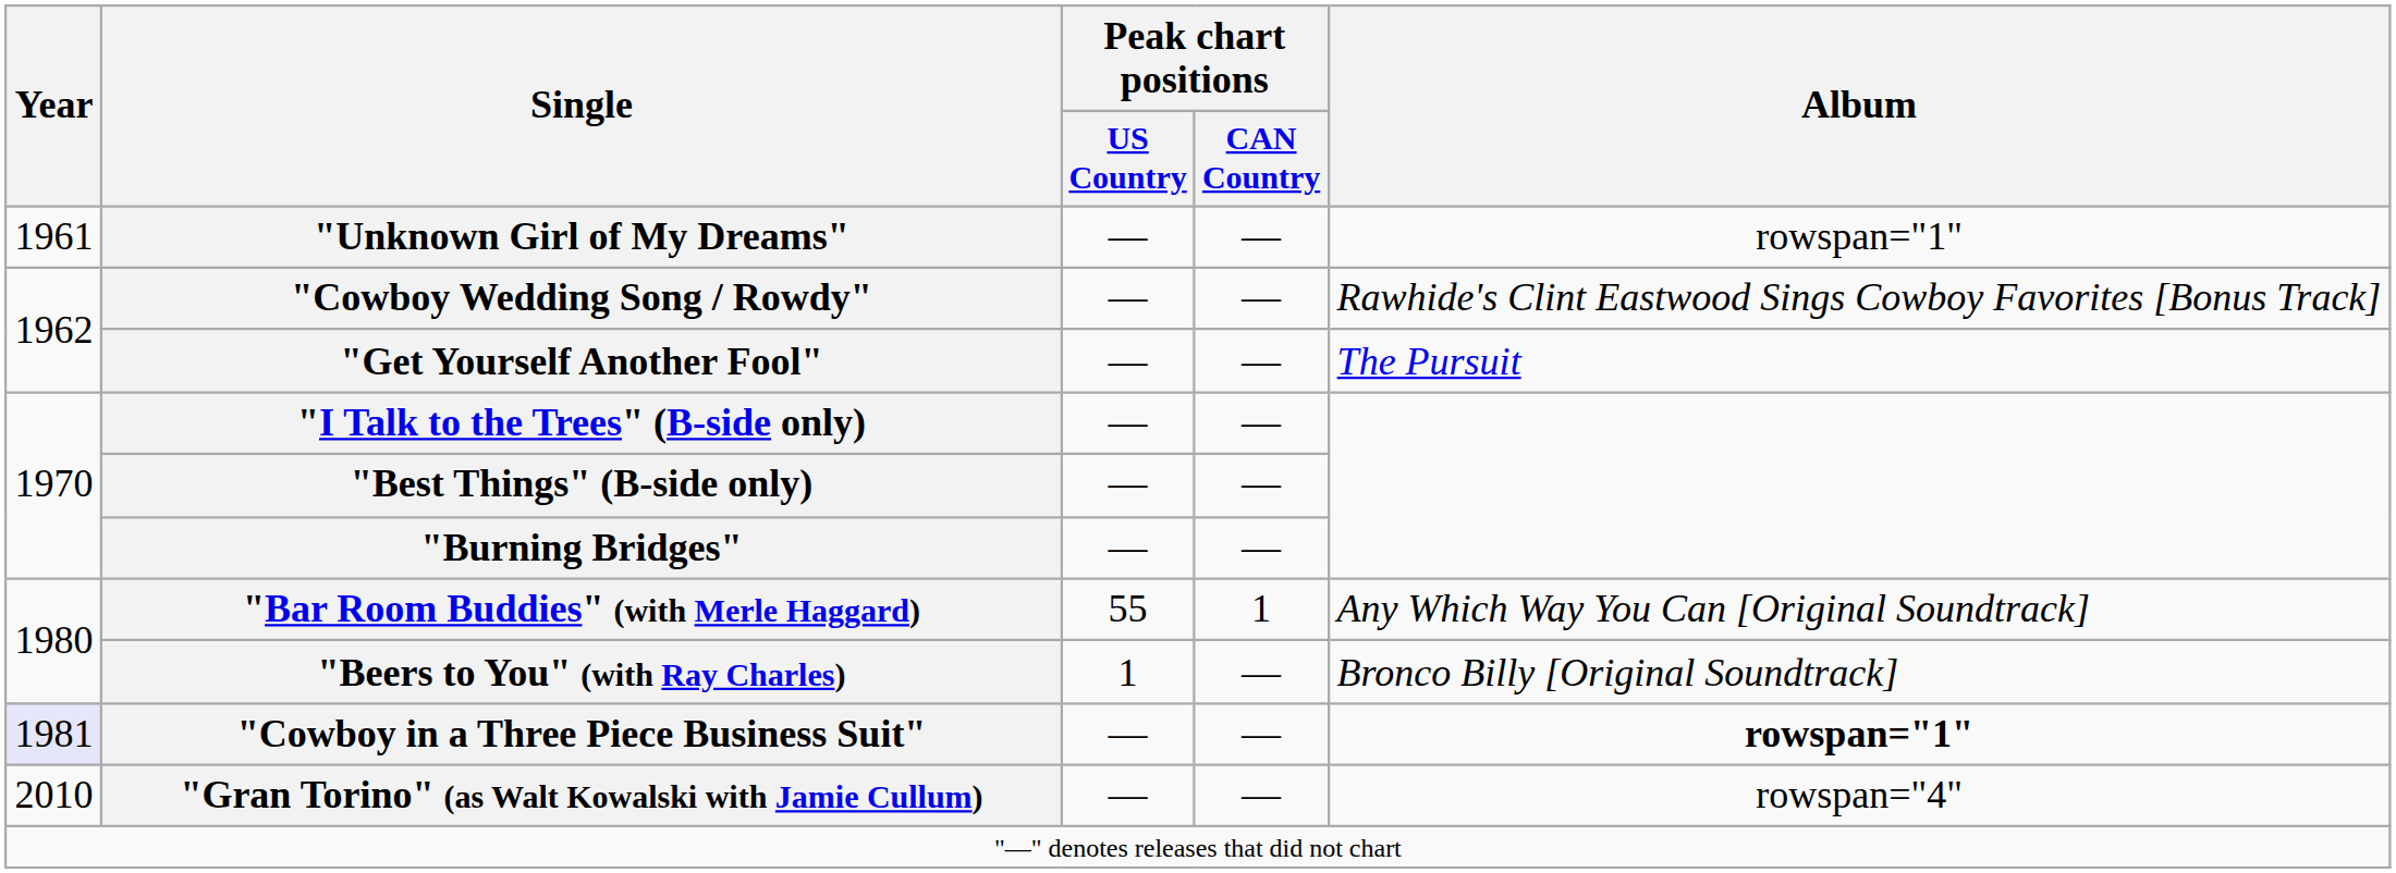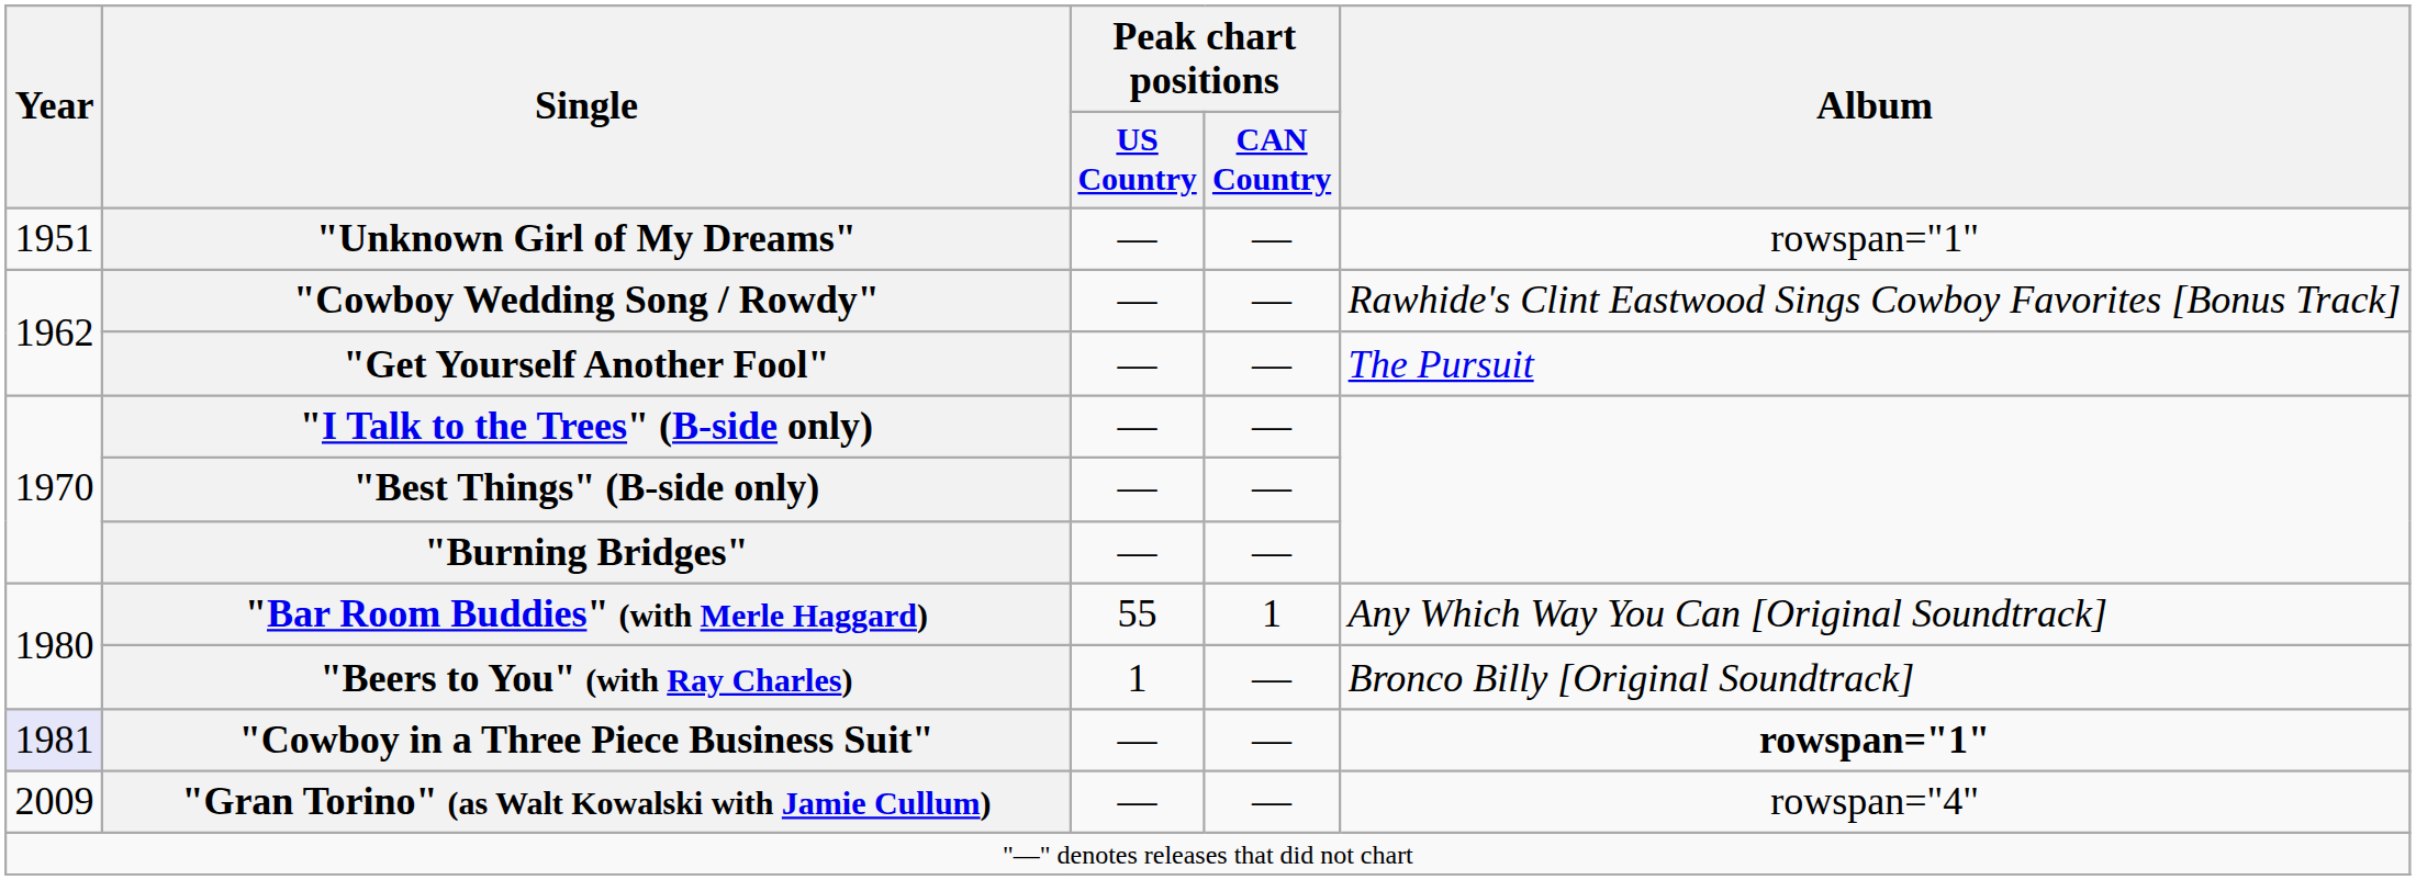 <table class="wikitable plainrowheaders" style="text-align:center;">
 <tr>
 <th rowspan="2">Year</th>
 <th rowspan="2" style="width:24em;">Single</th>
 <th colspan="2">Peak chart<br>positions</th>
 <th rowspan="2">Album</th>
 </tr>
 <tr style="font-size:smaller;">
 <th style="width: 45px;"><a href='#'>US Country</a></th>
 <th style="width: 45px;"><a href='#'>CAN Country</a></th>
 </tr>
 <tr>
-<td>1961</td>
+<td>1951</td>
 <th scope="row">"Unknown Girl of My Dreams"</th>
 <td>—</td>
 <td>—</td>
 <td>rowspan="1" </td>
 </tr>
 <tr>
 <td rowspan="2">1962</td>
 <th scope="row">"Cowboy Wedding Song / Rowdy"</th>
 <td>—</td>
 <td>—</td>
 <td align="left"><em>Rawhide's Clint Eastwood Sings Cowboy Favorites [Bonus Track]</em></td>
 </tr>
 <tr>
 <th scope="row">"Get Yourself Another Fool"</th>
 <td>—</td>
 <td>—</td>
 <td align="left"><em><a href='#'>The Pursuit</a></em></td>
 </tr>
 <tr>
 <td rowspan="3">1970</td>
 <th scope="row">"<a href='#'>I Talk to the Trees</a>" (<a href='#'>B-side</a> only)</th>
 <td>—</td>
 <td>—</td>
 </tr>
 <tr>
 <th scope="row">"Best Things" (B-side only)</th>
 <td>—</td>
 <td>—</td>
 </tr>
 <tr>
 <th scope="row">"Burning Bridges"</th>
 <td>—</td>
 <td>—</td>
 </tr>
 <tr>
 <td rowspan="2">1980</td>
 <th scope="row">"<a href='#'>Bar Room Buddies</a>" <small>(with <a href='#'>Merle Haggard</a>)</small></th>
 <td>55</td>
 <td>1</td>
 <td align="left"><em>Any Which Way You Can [Original Soundtrack]</em></td>
 </tr>
 <tr>
 <th scope="row">"Beers to You" <small>(with <a href='#'>Ray Charles</a>)</small></th>
 <td>1</td>
 <td>—</td>
 <td align="left"><em>Bronco Billy [Original Soundtrack]</em></td>
 </tr>
 <tr>
 <td style="background: lavender;">1981</td>
 <th scope="row">"Cowboy in a Three Piece Business Suit"</th>
 <td>—</td>
 <td>—</td>
 <td><strong>rowspan="1" </strong></td>
 </tr>
 <tr>
-<td>2010</td>
+<td>2009</td>
 <th scope="row">"Gran Torino" <small>(as Walt Kowalski with <a href='#'>Jamie Cullum</a>)</small></th>
 <td>—</td>
 <td>—</td>
 <td>rowspan="4" </td>
 </tr>
 <tr>
 <td colspan="5" style="font-size: 8pt">"—" denotes releases that did not chart</td>
 </tr>
 <tr>
 </tr>
 </table>
